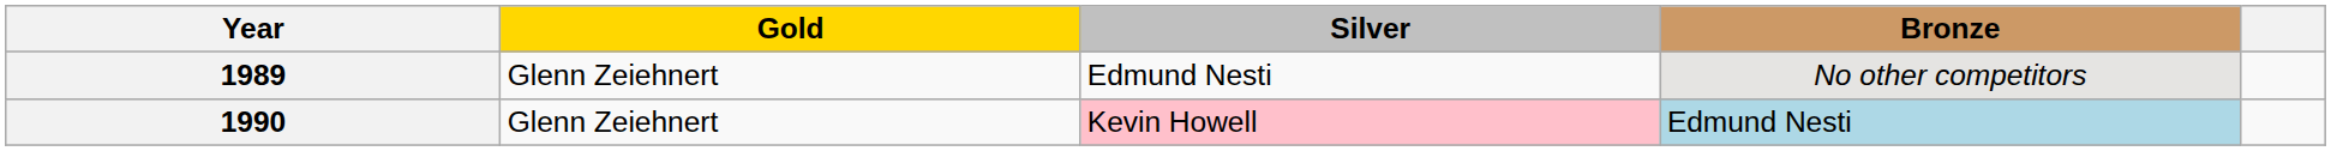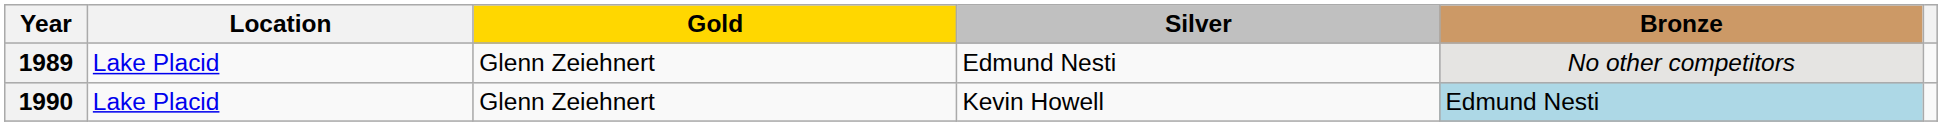 <table class="wikitable unsortable" style="text-align:left; width:100%;">
 <tr>
 <th scope="col" style="text-align:center;">Year</th>
+<th scope="col" style="text-align:center; width:20%">Location</th>
 <td scope="col" style="text-align:center; width:25%; background:gold"><strong>Gold</strong></td>
 <td scope="col" style="text-align:center; width:25%; background:silver"><strong>Silver</strong></td>
 <td scope="col" style="text-align:center; width:25%; background:#c96"><strong>Bronze</strong></td>
 <th scope="col" style="text-align:center"></th>
 </tr>
 <tr>
 <th scope="row">1989</th>
+<td><a href='#'>Lake Placid</a></td>
 <td>Glenn Zeiehnert</td>
 <td>Edmund Nesti</td>
 <td align="center" bgcolor="e5e4e2"><em>No other competitors</em></td>
 <td></td>
 </tr>
 <tr>
 <th scope="row">1990</th>
+<td><a href='#'>Lake Placid</a></td>
 <td>Glenn Zeiehnert</td>
-<td style="background: pink;">Kevin Howell</td>
+<td>Kevin Howell</td>
 <td style="background: lightblue;">Edmund Nesti</td>
 <td></td>
 </tr>
 </table>
